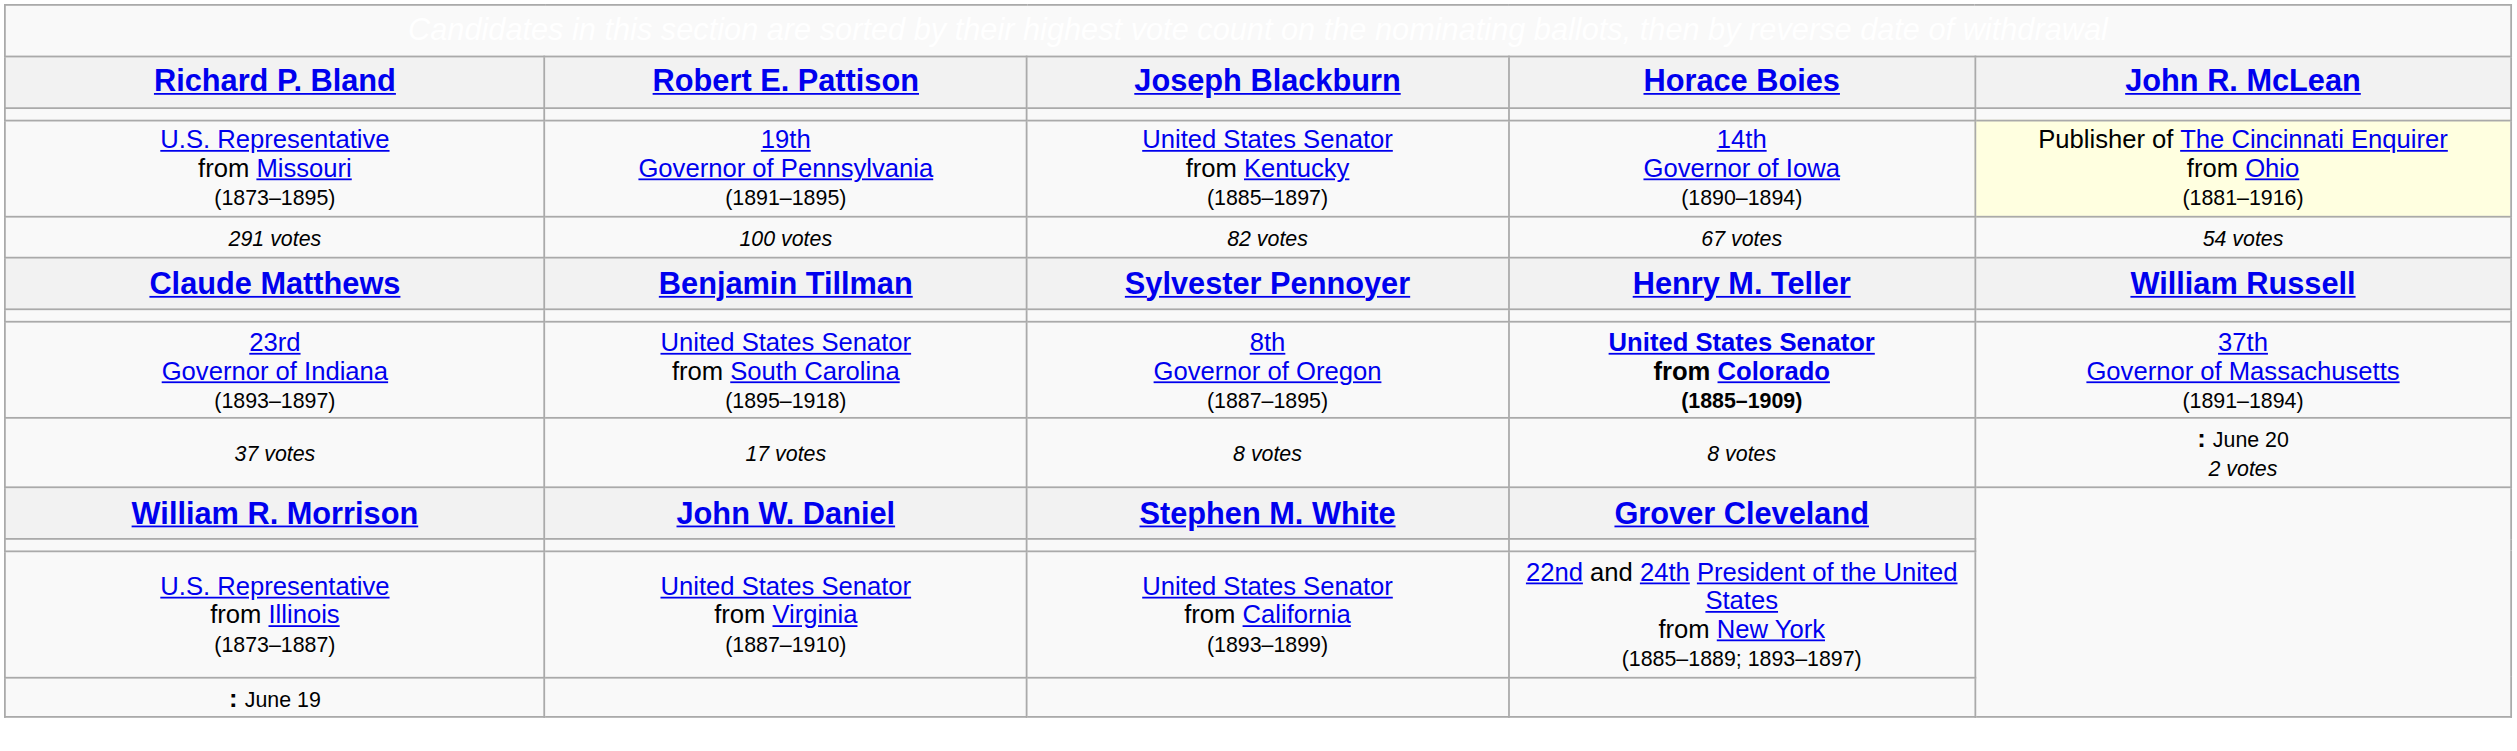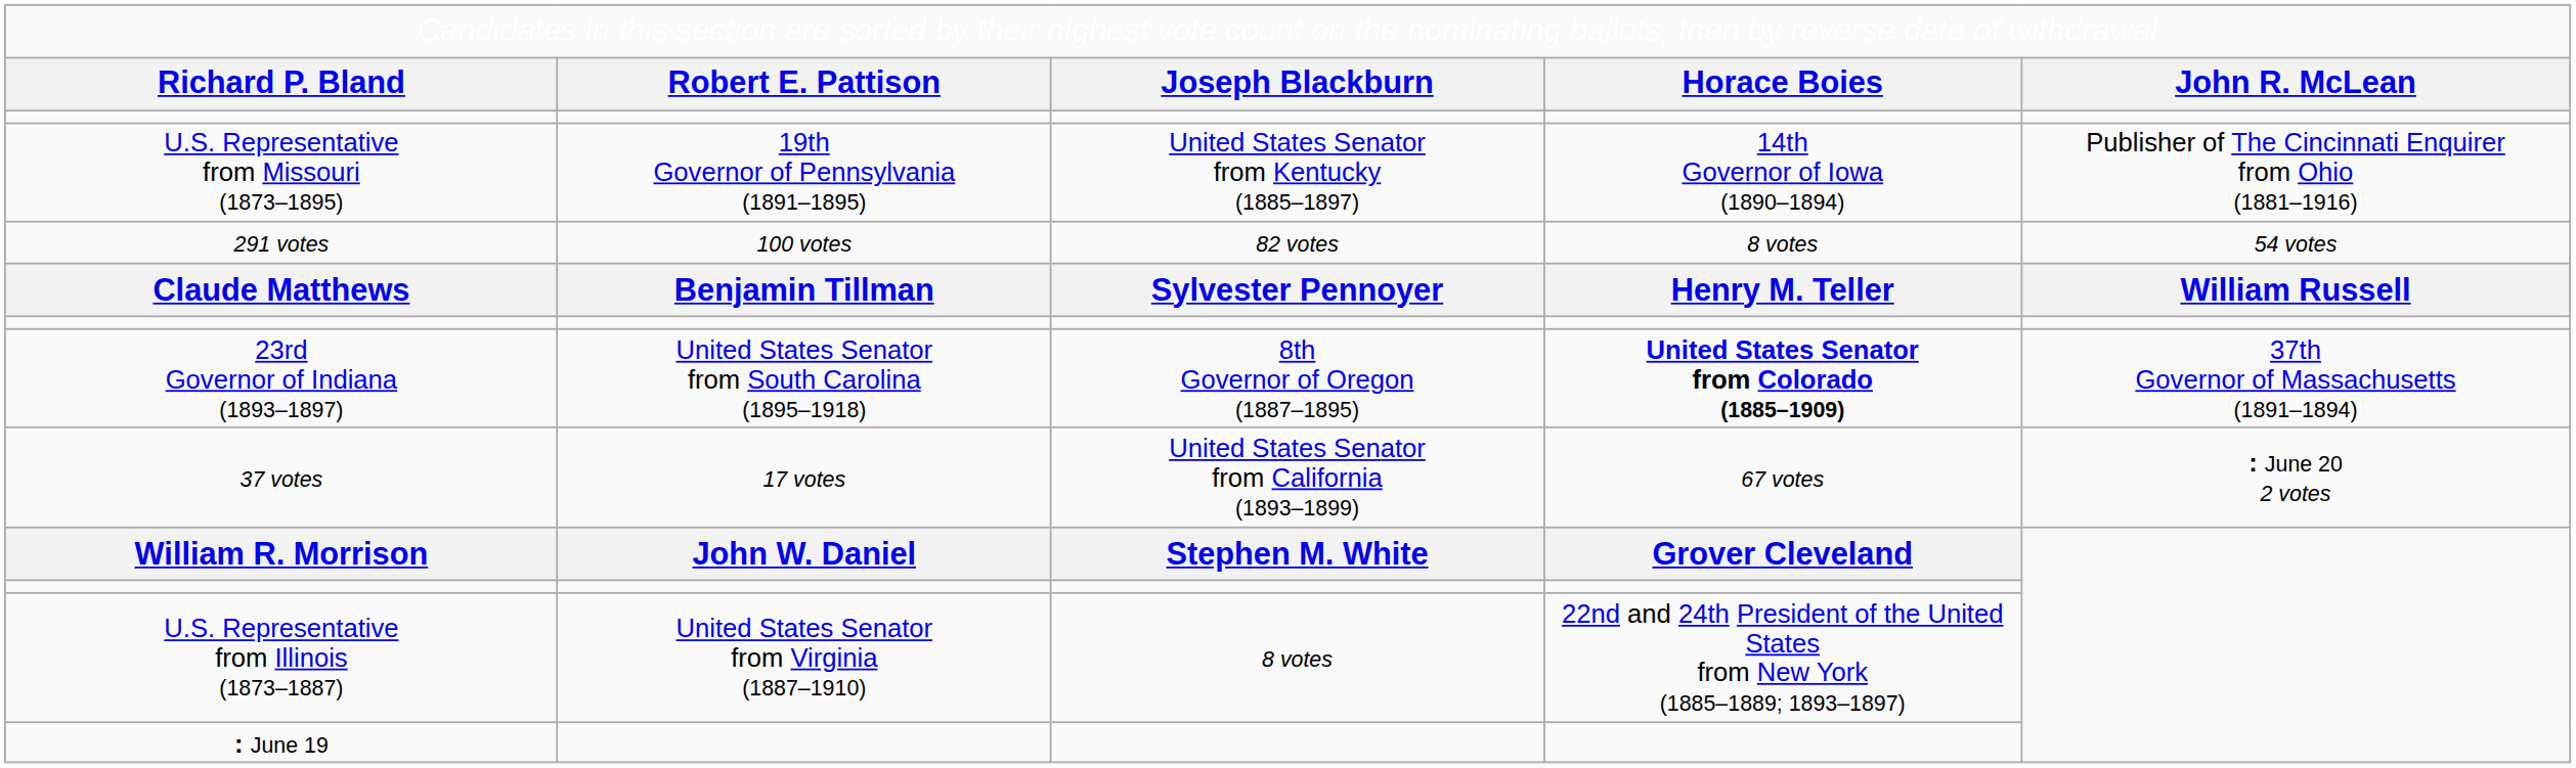 <table class="wikitable" style="font-size:90%">
 <tr>
 <td colspan="6" style="text-align:center; width:1400px; font-size:120%; color:white; background:"><em>Candidates in this section are sorted by their highest vote count on the nominating ballots, then by reverse date of withdrawal</em></td>
 </tr>
 <tr>
 <th scope="col" style="width:3em; font-size:120%;"><a href='#'>Richard P. Bland</a></th>
 <th scope="col" style="width:3em; font-size:120%;"><a href='#'>Robert E. Pattison</a></th>
 <th scope="col" style="width:3em; font-size:120%;"><a href='#'>Joseph Blackburn</a></th>
 <th scope="col" style="width:3em; font-size:120%;"><a href='#'>Horace Boies</a></th>
 <th scope="col" style="width:3em; font-size:120%;"><a href='#'>John R. McLean</a></th>
 </tr>
 <tr>
 <td></td>
 <td></td>
 <td></td>
 <td></td>
 <td></td>
 </tr>
 <tr style="text-align:center">
 <td><a href='#'>U.S. Representative</a><br>from <a href='#'>Missouri</a><br><small>(1873–1895)</small></td>
 <td><a href='#'>19th</a><br><a href='#'>Governor of Pennsylvania</a><br><small>(1891–1895)</small></td>
 <td><a href='#'>United States Senator</a><br>from <a href='#'>Kentucky</a><br><small>(1885–1897)</small></td>
 <td><a href='#'>14th</a><br><a href='#'>Governor of Iowa</a><br><small>(1890–1894)</small></td>
-<td style="background: lightyellow;">Publisher of <a href='#'>The Cincinnati Enquirer</a><br>from <a href='#'>Ohio</a><br><small>(1881–1916)</small></td>
+<td>Publisher of <a href='#'>The Cincinnati Enquirer</a><br>from <a href='#'>Ohio</a><br><small>(1881–1916)</small></td>
 </tr>
 <tr style="text-align:center">
 <td><em><small>291 votes</small></em></td>
 <td><em><small>100 votes</small></em></td>
 <td><em><small>82 votes</small></em></td>
-<td><em><small>67 votes</small></em></td>
+<td><em><small>8 votes</small></em></td>
 <td><em><small>54 votes</small></em></td>
 </tr>
 <tr style="text-align:center">
 <th scope="col" style="width:3em; font-size:120%;"><a href='#'>Claude Matthews</a></th>
 <th scope="col" style="width:3em; font-size:120%;"><a href='#'>Benjamin Tillman</a></th>
 <th scope="col" style="width:3em; font-size:120%;"><a href='#'>Sylvester Pennoyer</a></th>
 <th scope="col" style="width:3em; font-size:120%;"><a href='#'>Henry M. Teller</a></th>
 <th scope="col" style="width:3em; font-size:120%;"><a href='#'>William Russell</a></th>
 </tr>
 <tr>
 <td></td>
 <td></td>
 <td></td>
 <td></td>
 <td></td>
 </tr>
 <tr style="text-align:center">
 <td><a href='#'>23rd</a><br><a href='#'>Governor of Indiana</a><br><small>(1893–1897)</small></td>
 <td><a href='#'>United States Senator</a><br>from <a href='#'>South Carolina</a><br><small>(1895–1918)</small></td>
 <td><a href='#'>8th</a><br><a href='#'>Governor of Oregon</a><br><small>(1887–1895)</small></td>
 <td><strong><a href='#'>United States Senator</a><br>from <a href='#'>Colorado</a><br><small>(1885–1909)</small></strong></td>
 <td><a href='#'>37th</a><br><a href='#'>Governor of Massachusetts</a><br><small>(1891–1894)</small></td>
 </tr>
 <tr style="text-align:center">
 <td><em><small>37 votes</small></em></td>
 <td><em><small>17 votes</small></em></td>
-<td><em><small>8 votes</small></em></td>
-<td><em><small>8 votes</small></em></td>
+<td><a href='#'>United States Senator</a><br>from <a href='#'>California</a><br><small>(1893–1899)</small></td>
+<td><em><small>67 votes</small></em></td>
 <td><strong>:</strong> <small>June 20</small><br><em><small>2 votes</small></em></td>
 </tr>
 <tr style="text-align:center">
 <th scope="col" style="width:3em; font-size:120%;"><a href='#'>William R. Morrison</a></th>
 <th scope="col" style="width:3em; font-size:120%;"><a href='#'>John W. Daniel</a></th>
 <th scope="col" style="width:3em; font-size:120%;"><a href='#'>Stephen M. White</a></th>
 <th scope="col" style="width:3em; font-size:120%;"><a href='#'>Grover Cleveland</a></th>
 </tr>
 <tr style="text-align:center">
 <td></td>
 <td></td>
 <td></td>
 <td></td>
 </tr>
 <tr style="text-align:center">
 <td><a href='#'>U.S. Representative</a><br>from <a href='#'>Illinois</a><br><small>(1873–1887)</small></td>
 <td><a href='#'>United States Senator</a><br>from <a href='#'>Virginia</a><br><small>(1887–1910)</small></td>
-<td><a href='#'>United States Senator</a><br>from <a href='#'>California</a><br><small>(1893–1899)</small></td>
+<td><em><small>8 votes</small></em></td>
 <td><a href='#'>22nd</a> and <a href='#'>24th</a> <a href='#'>President of the United States</a><br>from <a href='#'>New York</a><br><small>(1885–1889; 1893–1897)</small></td>
 </tr>
 <tr style="text-align:center">
 <td><strong>:</strong> <small>June 19</small></td>
 <td><strong></strong></td>
 <td><strong></strong></td>
 <td><strong></strong></td>
 </tr>
 </table>
